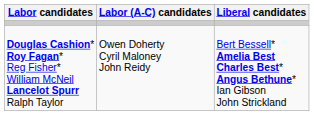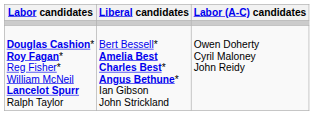 <table class="wikitable">
 <tr>
 <th><a href='#'>Labor</a> candidates</th>
+<th><a href='#'>Liberal</a> candidates</th>
 <th><a href='#'>Labor (A-C)</a> candidates</th>
-<th><a href='#'>Liberal</a> candidates</th>
 </tr>
 <tr bgcolor="#cccccc">
 <td></td>
 <td></td>
 <td></td>
 </tr>
 <tr>
 <td><br><strong><a href='#'>Douglas Cashion</a></strong>*<br> <strong><a href='#'>Roy Fagan</a></strong>*<br> <a href='#'>Reg Fisher</a>*<br> <a href='#'>William McNeil</a><br> <strong><a href='#'>Lancelot Spurr</a></strong><br> Ralph Taylor</td>
+<td><br><a href='#'>Bert Bessell</a>*<br> <strong><a href='#'>Amelia Best</a></strong><br> <strong><a href='#'>Charles Best</a></strong>*<br> <strong><a href='#'>Angus Bethune</a></strong>*<br> Ian Gibson<br> John Strickland</td>
 <td valign=top><br>Owen Doherty<br> Cyril Maloney<br> John Reidy</td>
-<td><br><a href='#'>Bert Bessell</a>*<br> <strong><a href='#'>Amelia Best</a></strong><br> <strong><a href='#'>Charles Best</a></strong>*<br> <strong><a href='#'>Angus Bethune</a></strong>*<br> Ian Gibson<br> John Strickland</td>
 </tr>
 </table>
